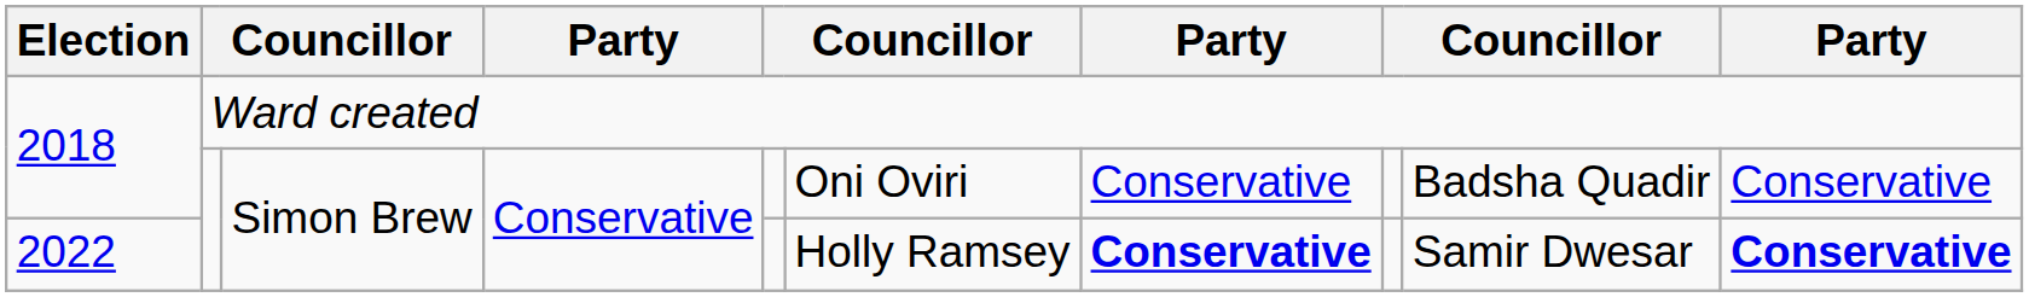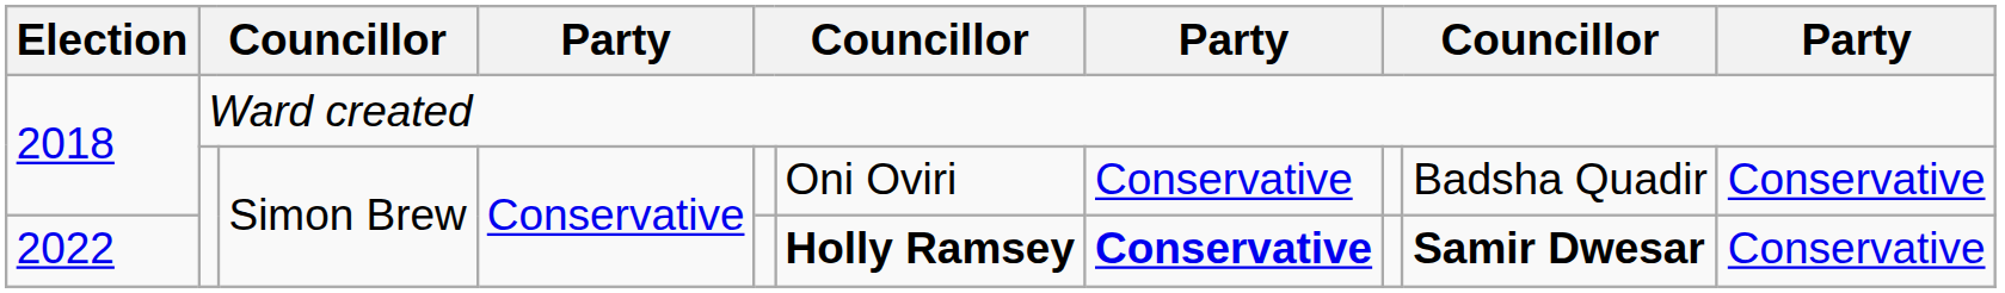 <table class="wikitable">
 <tr>
 <th>Election</th>
 <th colspan="2">Councillor</th>
 <th>Party</th>
 <th colspan="2">Councillor</th>
 <th>Party</th>
 <th colspan="2">Councillor</th>
 <th>Party</th>
 </tr>
 <tr>
 <td rowspan="2"><a href='#'>2018</a></td>
 <td colspan="12"><em>Ward created</em></td>
 </tr>
 <tr>
 <td rowspan="2" style="background-color: "></td>
 <td rowspan="2">Simon Brew</td>
 <td rowspan="2"><a href='#'>Conservative</a></td>
 <td style="background-color: "></td>
 <td>Oni Oviri</td>
 <td><a href='#'>Conservative</a></td>
 <td style="background-color: "></td>
 <td>Badsha Quadir</td>
 <td><a href='#'>Conservative</a></td>
 </tr>
 <tr>
 <td rowspan="2"><a href='#'>2022</a></td>
 <td style="background-color: "></td>
-<td>Holly Ramsey</td>
+<td><strong>Holly Ramsey</strong></td>
 <td><strong><a href='#'>Conservative</a></strong></td>
 <td style="background-color: "></td>
-<td>Samir Dwesar</td>
-<td><strong><a href='#'>Conservative</a></strong></td>
+<td><strong>Samir Dwesar</strong></td>
+<td><a href='#'>Conservative</a></td>
 </tr>
 </table>
